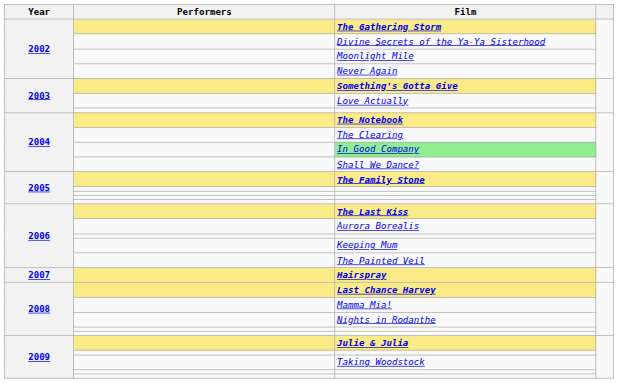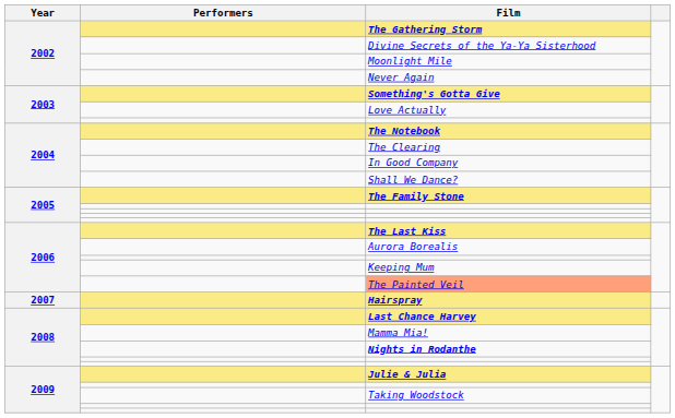 <table class="wikitable">
 <tr>
 <th scope="col" style="width:8%;">Year</th>
 <th scope="col" style="width:30%;">Performers</th>
 <th scope="col" style="width:30%;">Film</th>
 <th scope="col" style="width:2%;"></th>
 </tr>
 <tr>
 <th scope="row" rowspan=4 style="text-align:center;"><a href='#'>2002</a><br></th>
 <td style="background:#FAEB86;"><strong></strong></td>
 <td style="background:#FAEB86;"><strong><em><a href='#'>The Gathering Storm</a> </em></strong></td>
 <td rowspan="4"></td>
 </tr>
 <tr>
 <td></td>
 <td><em><a href='#'>Divine Secrets of the Ya-Ya Sisterhood</a></em></td>
 </tr>
 <tr>
 <td></td>
 <td><em><a href='#'>Moonlight Mile</a></em></td>
 </tr>
 <tr>
 <td></td>
 <td><em><a href='#'>Never Again</a></em></td>
 </tr>
 <tr>
 <th scope="row" rowspan=3 style="text-align:center;"><a href='#'>2003</a><br></th>
 <td style="background:#FAEB86;"><strong></strong></td>
 <td style="background:#FAEB86;"><strong><em><a href='#'>Something's Gotta Give</a> </em></strong></td>
 <td rowspan="3"></td>
 </tr>
 <tr>
 <td></td>
 <td><em><a href='#'>Love Actually</a></em></td>
 </tr>
 <tr>
 <td></td>
 <td></td>
 </tr>
 <tr>
 <th scope="row" rowspan=4 style="text-align:center;"><a href='#'>2004</a><br></th>
 <td style="background:#FAEB86;"><strong></strong></td>
 <td style="background:#FAEB86;"><strong><em><a href='#'>The Notebook</a> </em></strong></td>
 <td rowspan="4"></td>
 </tr>
 <tr>
 <td></td>
 <td><em><a href='#'>The Clearing</a></em></td>
 </tr>
 <tr>
 <td></td>
-<td style="background: lightgreen;"><em><a href='#'>In Good Company</a></em></td>
+<td><em><a href='#'>In Good Company</a></em></td>
 </tr>
 <tr>
 <td></td>
 <td><em><a href='#'>Shall We Dance?</a></em></td>
 </tr>
 <tr>
 <th scope="row" rowspan=5 style="text-align:center;"><a href='#'>2005</a><br></th>
 <td style="background:#FAEB86;"><strong></strong></td>
 <td style="background:#FAEB86;"><strong><em><a href='#'>The Family Stone</a> </em></strong></td>
 <td rowspan="5"></td>
 </tr>
 <tr>
 <td></td>
 <td></td>
 </tr>
 <tr>
 <td></td>
 <td></td>
 </tr>
 <tr>
 <td></td>
 <td></td>
 </tr>
 <tr>
 <td></td>
 <td></td>
 </tr>
 <tr>
 <th scope="row" rowspan=5 style="text-align:center;"><a href='#'>2006</a><br></th>
 <td style="background:#FAEB86;"><strong></strong></td>
 <td style="background:#FAEB86;"><strong><em><a href='#'>The Last Kiss</a> </em></strong></td>
 <td rowspan="5"></td>
 </tr>
 <tr>
 <td></td>
 <td><em><a href='#'>Aurora Borealis</a></em></td>
 </tr>
 <tr>
 <td></td>
 <td></td>
 </tr>
 <tr>
 <td></td>
 <td><em><a href='#'>Keeping Mum</a></em></td>
 </tr>
 <tr>
 <td></td>
-<td><em><a href='#'>The Painted Veil</a></em></td>
+<td style="background: lightsalmon;"><em><a href='#'>The Painted Veil</a></em></td>
 </tr>
 <tr>
 <th scope="row" rowspan=1 style="text-align:center;"><a href='#'>2007</a><br></th>
 <td style="background:#FAEB86;"><strong></strong></td>
 <td style="background:#FAEB86;"><strong><em><a href='#'>Hairspray</a> </em></strong></td>
 <td rowspan="1"></td>
 </tr>
 <tr>
 <th scope="row" rowspan=5 style="text-align:center;"><a href='#'>2008</a><br></th>
 <td style="background:#FAEB86;"><strong></strong></td>
 <td style="background:#FAEB86;"><strong><em><a href='#'>Last Chance Harvey</a></em></strong></td>
 <td rowspan="5"></td>
 </tr>
 <tr>
 <td></td>
 <td><em><a href='#'>Mamma Mia!</a></em></td>
 </tr>
 <tr>
 <td></td>
-<td><em><a href='#'>Nights in Rodanthe</a></em></td>
+<td><strong><em><a href='#'>Nights in Rodanthe</a></em></strong></td>
 </tr>
 <tr>
 <td></td>
 <td></td>
 </tr>
 <tr>
 <td></td>
 <td></td>
 </tr>
 <tr>
 <th scope="row" rowspan=5 style="text-align:center;"><a href='#'>2009</a><br></th>
 <td style="background:#FAEB86;"><strong></strong></td>
 <td style="background:#FAEB86;"><strong><em><a href='#'>Julie & Julia</a> </em></strong></td>
 <td rowspan="5"></td>
 </tr>
 <tr>
 <td></td>
 <td></td>
 </tr>
 <tr>
 <td></td>
 <td><em><a href='#'>Taking Woodstock</a></em></td>
 </tr>
 <tr>
 <td></td>
 <td></td>
 </tr>
 <tr>
 <td></td>
 <td></td>
 </tr>
 </table>
